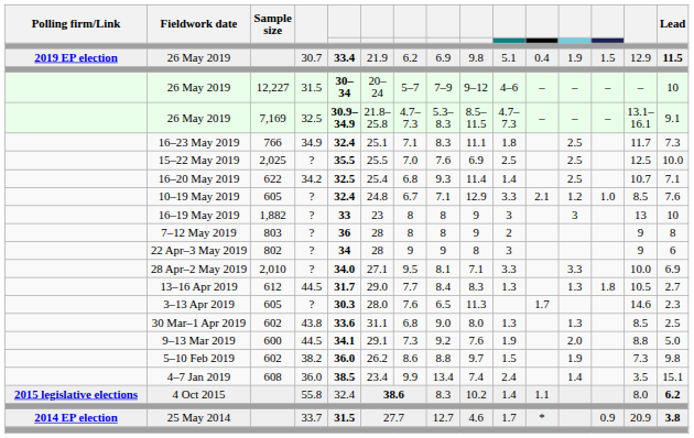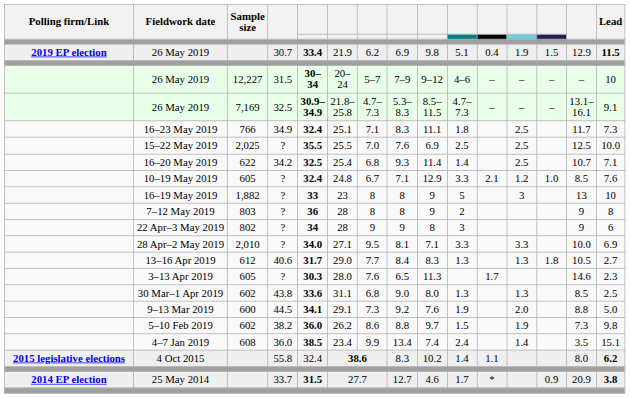 <table class="wikitable collapsible" style="text-align:center; font-size:95%; line-height:16px;">
 <tr style="height:42px;">
 <th style="width:175px;" rowspan="2">Polling firm/Link</th>
 <th style="width:125px;" rowspan="2">Fieldwork date</th>
 <th style="width:50px;" rowspan="2">Sample<br>size</th>
 <th style="width:35px;" rowspan="2"></th>
 <th style="width:35px;"></th>
 <th style="width:35px;"></th>
 <th style="width:35px;"></th>
 <th style="width:35px;"></th>
 <th style="width:35px;"></th>
 <th style="width:35px;"></th>
 <th style="width:35px;"></th>
 <th style="width:35px;"></th>
 <th style="width:35px;"></th>
 <th style="width:35px;" rowspan="2"></th>
 <th style="width:30px;" rowspan="2">Lead</th>
 </tr>
 <tr>
 <th style="color:inherit;background:"></th>
 <th style="color:inherit;background:"></th>
 <th style="color:inherit;background:"></th>
 <th style="color:inherit;background:"></th>
 <th style="color:inherit;background:"></th>
 <th style="color:inherit;background:teal;"></th>
 <th style="color:inherit;background:black;"></th>
 <th style="color:inherit;background:#6AD1E3;"></th>
 <th style="color:inherit;background:#202056;"></th>
 </tr>
 <tr>
 <td colspan="15" style="background:#A0A0A0"></td>
 </tr>
 <tr style="background:#EFEFEF;">
 <td><strong><a href='#'>2019 EP election</a></strong></td>
 <td>26 May 2019</td>
 <td></td>
 <td>30.7</td>
 <td><strong>33.4</strong><br></td>
 <td>21.9<br></td>
 <td>6.2<br></td>
 <td>6.9<br></td>
 <td>9.8<br></td>
 <td>5.1<br></td>
 <td>0.4<br></td>
 <td>1.9<br></td>
 <td>1.5<br></td>
 <td>12.9<br></td>
 <td style="background:"><strong>11.5</strong></td>
 </tr>
 <tr>
 <td colspan="15" style="background:#A0A0A0"></td>
 </tr>
 <tr style="background:#EAFFEA"|>
 <td></td>
 <td>26 May 2019</td>
 <td>12,227</td>
 <td>31.5</td>
 <td><strong>30–34</strong><br></td>
 <td>20–24<br></td>
 <td>5–7<br></td>
 <td>7–9<br></td>
 <td>9–12<br></td>
 <td>4–6<br></td>
 <td>–</td>
 <td>–</td>
 <td>–</td>
 <td>–</td>
 <td style="background:">10</td>
 </tr>
 <tr style="background:#EAFFEA"|>
 <td></td>
 <td>26 May 2019</td>
 <td>7,169</td>
 <td>32.5</td>
 <td><strong>30.9–<br>34.9</strong><br></td>
 <td>21.8–<br>25.8<br></td>
 <td>4.7–<br>7.3<br></td>
 <td>5.3–<br>8.3<br></td>
 <td>8.5–<br>11.5<br></td>
 <td>4.7–<br>7.3<br></td>
 <td>–</td>
 <td>–</td>
 <td>–</td>
 <td>13.1–<br>16.1<br></td>
 <td style="background:">9.1</td>
 </tr>
 <tr>
 <td></td>
 <td>16–23 May 2019</td>
 <td>766</td>
 <td>34.9</td>
 <td><strong>32.4</strong><br></td>
 <td>25.1<br></td>
 <td>7.1<br></td>
 <td>8.3<br></td>
 <td>11.1<br></td>
 <td>1.8<br></td>
 <td></td>
 <td>2.5<br></td>
 <td></td>
 <td>11.7<br></td>
 <td style="background:">7.3</td>
 </tr>
 <tr>
 <td></td>
 <td>15–22 May 2019</td>
 <td>2,025</td>
 <td>?</td>
 <td><strong>35.5</strong><br></td>
 <td>25.5<br></td>
 <td>7.0<br></td>
 <td>7.6<br></td>
 <td>6.9<br></td>
 <td>2.5<br></td>
 <td></td>
 <td>2.5<br></td>
 <td></td>
 <td>12.5<br></td>
 <td style="background:">10.0</td>
 </tr>
 <tr>
 <td></td>
 <td>16–20 May 2019</td>
 <td>622</td>
 <td>34.2</td>
 <td><strong>32.5</strong><br></td>
 <td>25.4<br></td>
 <td>6.8<br></td>
 <td>9.3<br></td>
 <td>11.4<br></td>
 <td>1.4<br></td>
 <td></td>
 <td>2.5<br></td>
 <td></td>
 <td>10.7<br></td>
 <td style="background:">7.1</td>
 </tr>
 <tr>
 <td></td>
 <td>10–19 May 2019</td>
 <td>605</td>
 <td>?</td>
 <td><strong>32.4</strong><br></td>
 <td>24.8<br></td>
 <td>6.7<br></td>
 <td>7.1<br></td>
 <td>12.9<br></td>
 <td>3.3<br></td>
 <td>2.1<br></td>
 <td>1.2<br></td>
 <td>1.0<br></td>
 <td>8.5<br></td>
 <td style="background:">7.6</td>
 </tr>
 <tr>
 <td></td>
 <td>16–19 May 2019</td>
 <td>1,882</td>
 <td>?</td>
 <td><strong>33</strong><br></td>
 <td>23<br></td>
 <td>8<br></td>
 <td>8<br></td>
 <td>9<br></td>
-<td>3<br></td>
+<td>5<br></td>
 <td></td>
 <td>3<br></td>
 <td></td>
 <td>13<br></td>
 <td style="background:">10</td>
 </tr>
 <tr>
 <td></td>
 <td>7–12 May 2019</td>
 <td>803</td>
 <td>?</td>
 <td><strong>36</strong><br></td>
 <td>28<br></td>
 <td>8<br></td>
 <td>8<br></td>
 <td>9<br></td>
 <td>2<br></td>
 <td></td>
 <td></td>
 <td></td>
 <td>9<br></td>
 <td style="background:">8</td>
 </tr>
 <tr>
 <td></td>
 <td>22 Apr–3 May 2019</td>
 <td>802</td>
 <td>?</td>
 <td><strong>34</strong><br></td>
 <td>28<br></td>
 <td>9<br></td>
 <td>9<br></td>
 <td>8<br></td>
 <td>3<br></td>
 <td></td>
 <td></td>
 <td></td>
 <td>9<br></td>
 <td style="background:">6</td>
 </tr>
 <tr>
 <td></td>
 <td>28 Apr–2 May 2019</td>
 <td>2,010</td>
 <td>?</td>
 <td><strong>34.0</strong><br></td>
 <td>27.1<br></td>
 <td>9.5<br></td>
 <td>8.1<br></td>
 <td>7.1<br></td>
 <td>3.3<br></td>
 <td></td>
 <td>3.3<br></td>
 <td></td>
 <td>10.0<br></td>
 <td style="background:">6.9</td>
 </tr>
 <tr>
 <td></td>
 <td>13–16 Apr 2019</td>
 <td>612</td>
-<td>44.5</td>
+<td>40.6</td>
 <td><strong>31.7</strong><br></td>
 <td>29.0<br></td>
 <td>7.7<br></td>
 <td>8.4<br></td>
 <td>8.3<br></td>
 <td>1.3<br></td>
 <td></td>
 <td>1.3<br></td>
 <td>1.8<br></td>
 <td>10.5<br></td>
 <td style="background:">2.7</td>
 </tr>
 <tr>
 <td></td>
 <td>3–13 Apr 2019</td>
 <td>605</td>
 <td>?</td>
 <td><strong>30.3</strong><br></td>
 <td>28.0<br></td>
 <td>7.6<br></td>
 <td>6.5<br></td>
 <td>11.3<br></td>
 <td></td>
 <td>1.7<br></td>
 <td></td>
 <td></td>
 <td>14.6<br></td>
 <td style="background:">2.3</td>
 </tr>
 <tr>
 <td></td>
 <td>30 Mar–1 Apr 2019</td>
 <td>602</td>
 <td>43.8</td>
 <td><strong>33.6</strong><br></td>
 <td>31.1<br></td>
 <td>6.8<br></td>
 <td>9.0<br></td>
 <td>8.0<br></td>
 <td>1.3<br></td>
 <td></td>
 <td>1.3<br></td>
 <td></td>
 <td>8.5<br></td>
 <td style="background:">2.5</td>
 </tr>
 <tr>
 <td></td>
 <td>9–13 Mar 2019</td>
 <td>600</td>
 <td>44.5</td>
 <td><strong>34.1</strong><br></td>
 <td>29.1<br></td>
 <td>7.3<br></td>
 <td>9.2<br></td>
 <td>7.6<br></td>
 <td>1.9<br></td>
 <td></td>
 <td>2.0<br></td>
 <td></td>
 <td>8.8<br></td>
 <td style="background:">5.0</td>
 </tr>
 <tr>
 <td></td>
 <td>5–10 Feb 2019</td>
 <td>602</td>
 <td>38.2</td>
 <td><strong>36.0</strong><br></td>
 <td>26.2<br></td>
 <td>8.6<br></td>
 <td>8.8<br></td>
 <td>9.7<br></td>
 <td>1.5<br></td>
 <td></td>
 <td>1.9<br></td>
 <td></td>
 <td>7.3<br></td>
 <td style="background:">9.8</td>
 </tr>
 <tr>
 <td> </td>
 <td>4–7 Jan 2019</td>
 <td>608</td>
 <td>36.0</td>
 <td><strong>38.5</strong><br></td>
 <td>23.4<br></td>
 <td>9.9<br></td>
 <td>13.4<br></td>
 <td>7.4<br></td>
 <td>2.4<br></td>
 <td></td>
 <td>1.4<br></td>
 <td></td>
 <td>3.5<br></td>
 <td style="background:">15.1</td>
 </tr>
 <tr style="background:#EFEFEF;">
 <td><strong><a href='#'>2015 legislative elections</a></strong></td>
 <td data-sort-value="2022-01-30">4 Oct 2015</td>
 <td></td>
 <td>55.8</td>
 <td>32.4<br></td>
 <td colspan="2" ><strong>38.6</strong><br></td>
 <td>8.3<br></td>
 <td>10.2<br></td>
 <td>1.4<br></td>
 <td>1.1<br></td>
 <td></td>
 <td></td>
 <td>8.0<br></td>
 <td style="background:"><strong>6.2</strong></td>
 </tr>
 <tr>
 <td colspan="15" style="background:#A0A0A0"></td>
 </tr>
 <tr style="background:#EFEFEF;">
 <td><strong><a href='#'>2014 EP election</a></strong></td>
 <td>25 May 2014</td>
 <td></td>
 <td>33.7</td>
 <td><strong>31.5</strong><br></td>
 <td colspan="2">27.7<br></td>
 <td>12.7<br></td>
 <td>4.6<br></td>
 <td>1.7<br></td>
 <td>*</td>
 <td></td>
 <td>0.9<br></td>
 <td>20.9<br></td>
 <td style="background:"><strong>3.8</strong></td>
 </tr>
 <tr>
 <td colspan="15" style="background:#A0A0A0"></td>
 </tr>
 </table>
